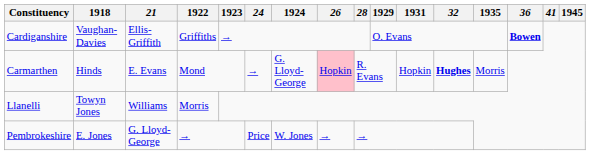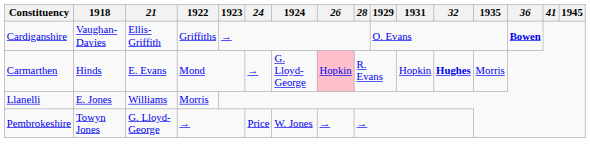 <table class="wikitable">
 <tr>
 <th>Constituency</th>
 <th>1918</th>
 <th><em>21</em></th>
 <th>1922</th>
 <th>1923</th>
 <th><em>24</em></th>
 <th>1924</th>
 <th><em>26</em></th>
 <th><em>28</em></th>
 <th>1929</th>
 <th>1931</th>
 <th><em>32</em></th>
 <th>1935</th>
 <th><em>36</em></th>
 <th><em>41</em></th>
 <th>1945</th>
 </tr>
 <tr>
 <td><a href='#'>Cardiganshire</a></td>
 <td><a href='#'>Vaughan-Davies</a></td>
 <td><a href='#'>Ellis-Griffith</a></td>
 <td><a href='#'>Griffiths</a></td>
 <td colspan="5"><a href='#'>→</a></td>
 <td colspan="4"><a href='#'>O. Evans</a></td>
 <td><strong><a href='#'>Bowen</a></strong></td>
 </tr>
 <tr>
 <td><a href='#'>Carmarthen</a></td>
 <td><a href='#'>Hinds</a></td>
 <td><a href='#'>E. Evans</a></td>
 <td colspan="2"><a href='#'>Mond</a></td>
 <td><a href='#'>→</a></td>
 <td><a href='#'>G. Lloyd-George</a></td>
 <td style="background: pink;"><a href='#'>Hopkin</a></td>
 <td colspan="2"><a href='#'>R. Evans</a></td>
 <td><a href='#'>Hopkin</a></td>
 <td><strong><a href='#'>Hughes</a></strong></td>
 <td><a href='#'>Morris</a></td>
 </tr>
 <tr>
 <td><a href='#'>Llanelli</a></td>
-<td><a href='#'>Towyn Jones</a></td>
+<td><a href='#'>E. Jones</a></td>
 <td><a href='#'>Williams</a></td>
 <td><a href='#'>Morris</a></td>
 </tr>
 <tr>
 <td><a href='#'>Pembrokeshire</a></td>
-<td><a href='#'>E. Jones</a></td>
+<td><a href='#'>Towyn Jones</a></td>
 <td><a href='#'>G. Lloyd-George</a></td>
 <td colspan="2"><a href='#'>→</a></td>
 <td><a href='#'>Price</a></td>
 <td><a href='#'>W. Jones</a></td>
 <td><a href='#'>→</a></td>
 <td colspan="4"><a href='#'>→</a></td>
 </tr>
 </table>
